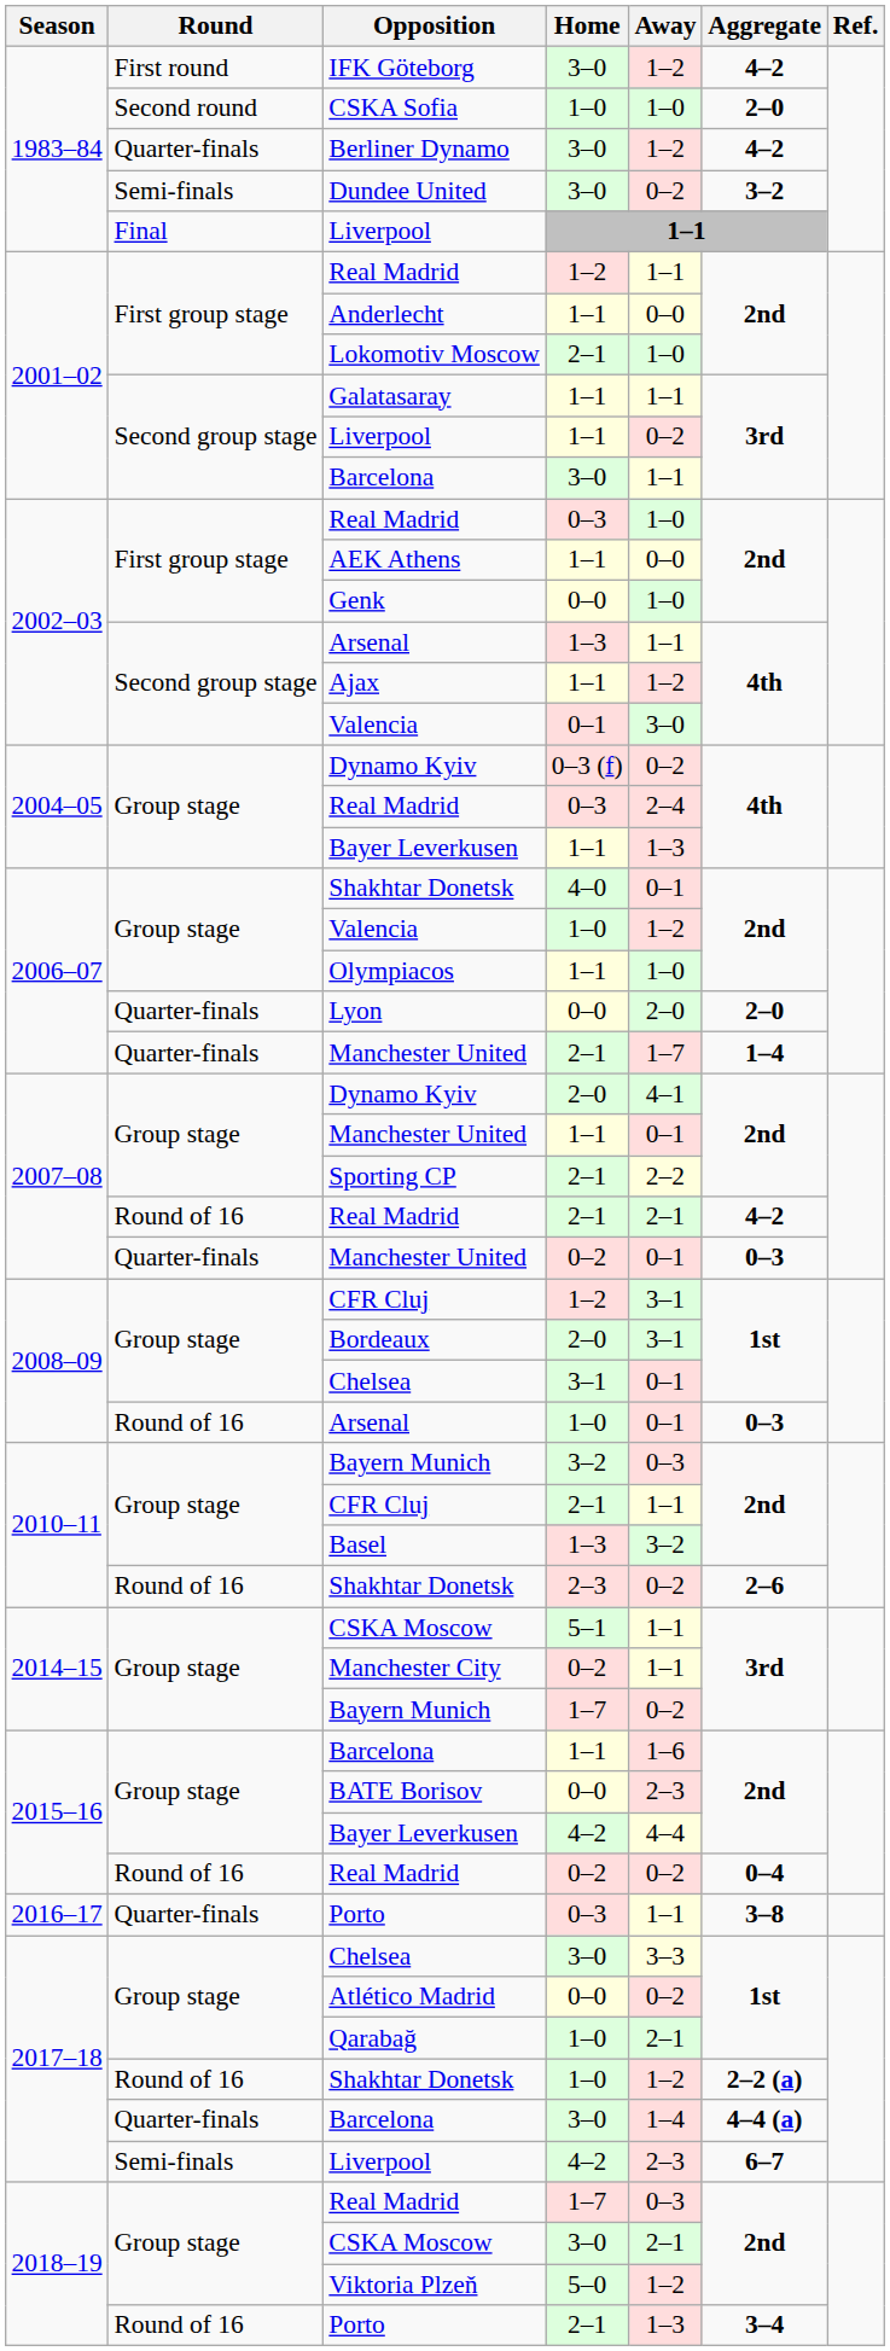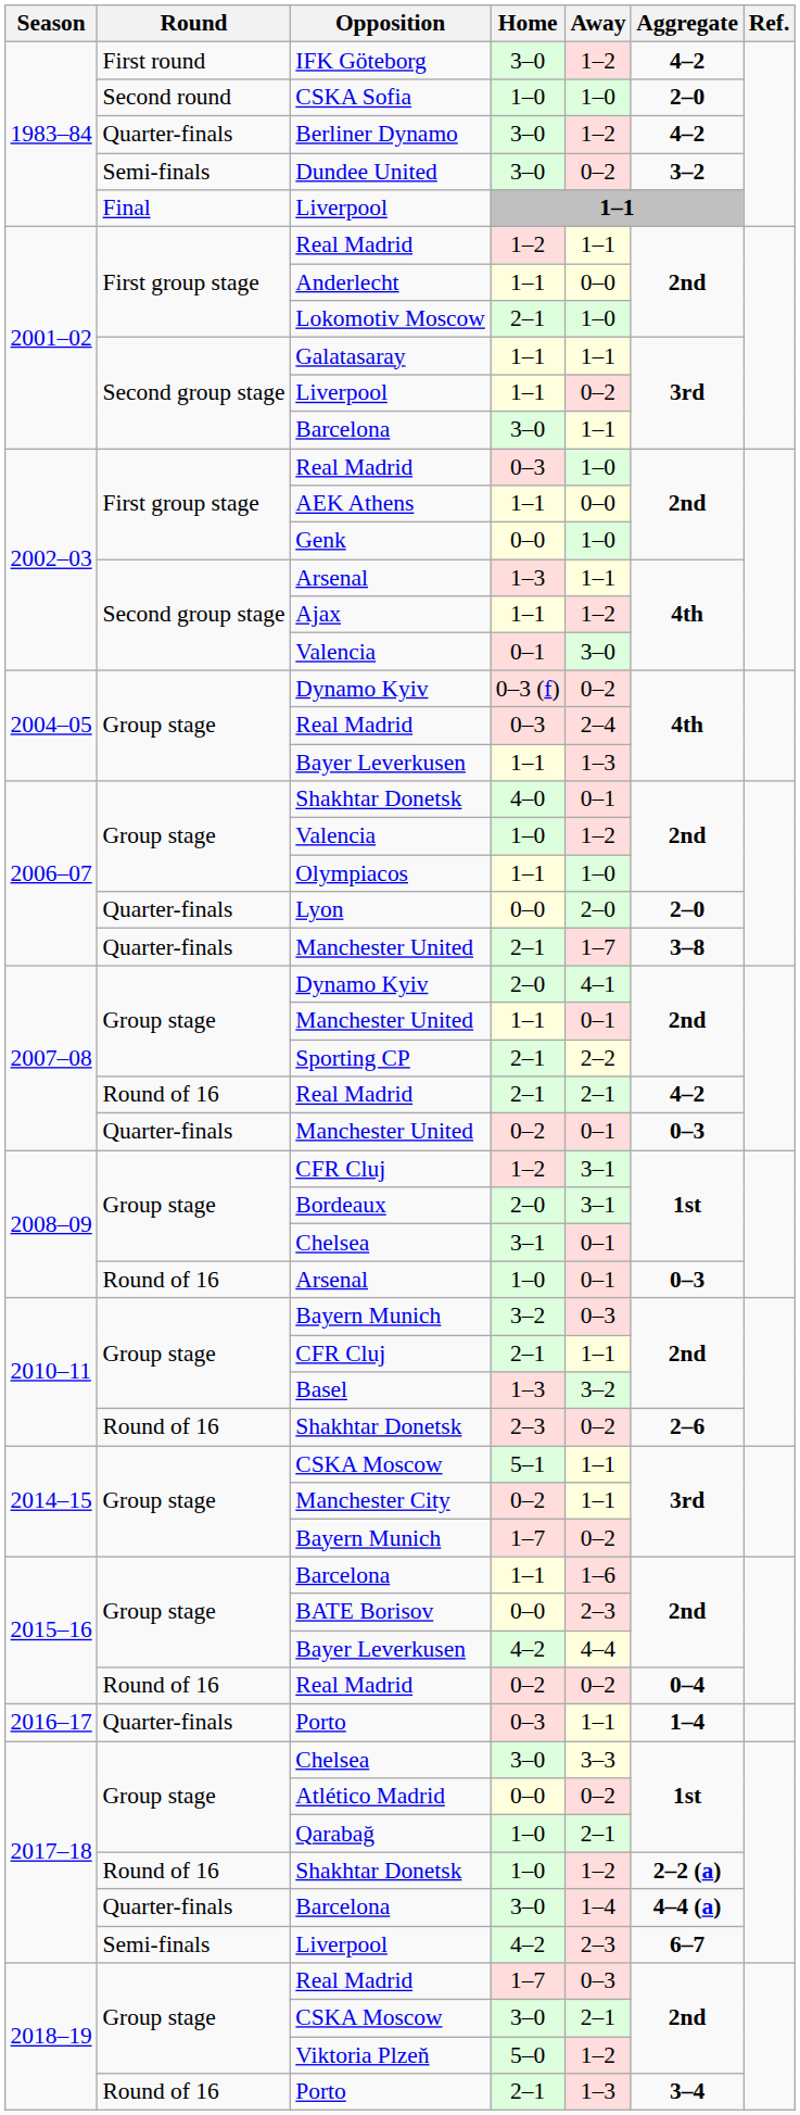 <table class="wikitable">
 <tr>
 <th>Season</th>
 <th>Round</th>
 <th>Opposition</th>
 <th>Home</th>
 <th>Away</th>
 <th>Aggregate</th>
 <th>Ref.</th>
 </tr>
 <tr>
 <td rowspan=5><a href='#'>1983–84</a></td>
 <td>First round</td>
 <td> <a href='#'>IFK Göteborg</a></td>
 <td style="text-align:center; background:#dfd;">3–0</td>
 <td style="text-align:center; background:#fdd;">1–2</td>
 <td style="text-align:center;"><strong>4–2</strong></td>
 <td rowspan=5 style="text-align:center;"></td>
 </tr>
 <tr>
 <td>Second round</td>
 <td> <a href='#'>CSKA Sofia</a></td>
 <td style="text-align:center; background:#dfd;">1–0</td>
 <td style="text-align:center; background:#dfd;">1–0</td>
 <td style="text-align:center;"><strong>2–0</strong></td>
 </tr>
 <tr>
 <td>Quarter-finals</td>
 <td> <a href='#'>Berliner Dynamo</a></td>
 <td style="text-align:center; background:#dfd;">3–0</td>
 <td style="text-align:center; background:#fdd;">1–2</td>
 <td style="text-align:center;"><strong>4–2</strong></td>
 </tr>
 <tr>
 <td>Semi-finals</td>
 <td> <a href='#'>Dundee United</a></td>
 <td style="text-align:center; background:#dfd;">3–0</td>
 <td style="text-align:center; background:#fdd;">0–2</td>
 <td style="text-align:center;"><strong>3–2</strong></td>
 </tr>
 <tr>
 <td><a href='#'>Final</a></td>
 <td> <a href='#'>Liverpool</a></td>
 <td colspan=3 bgcolor=Silver style="text-align:center;"><strong>1–1  </strong></td>
 </tr>
 <tr>
 <td rowspan=6><a href='#'>2001–02</a></td>
 <td rowspan=3>First group stage</td>
 <td> <a href='#'>Real Madrid</a></td>
 <td style="text-align:center; background:#fdd;">1–2</td>
 <td style="text-align:center; background:#ffd;">1–1</td>
 <td style="text-align:center;" rowspan=3><strong>2nd</strong></td>
 <td rowspan=6 style="text-align:center;"></td>
 </tr>
 <tr>
 <td> <a href='#'>Anderlecht</a></td>
 <td style="text-align:center; background:#ffd;">1–1</td>
 <td style="text-align:center; background:#ffd;">0–0</td>
 </tr>
 <tr>
 <td> <a href='#'>Lokomotiv Moscow</a></td>
 <td style="text-align:center; background:#dfd;">2–1</td>
 <td style="text-align:center; background:#dfd;">1–0</td>
 </tr>
 <tr>
 <td rowspan=3>Second group stage</td>
 <td> <a href='#'>Galatasaray</a></td>
 <td style="text-align:center; background:#ffd;">1–1</td>
 <td style="text-align:center; background:#ffd;">1–1</td>
 <td style="text-align:center;" rowspan=3><strong>3rd</strong></td>
 </tr>
 <tr>
 <td> <a href='#'>Liverpool</a></td>
 <td style="text-align:center; background:#ffd;">1–1</td>
 <td style="text-align:center; background:#fdd;">0–2</td>
 </tr>
 <tr>
 <td> <a href='#'>Barcelona</a></td>
 <td style="text-align:center; background:#dfd;">3–0</td>
 <td style="text-align:center; background:#ffd;">1–1</td>
 </tr>
 <tr>
 <td rowspan=6><a href='#'>2002–03</a></td>
 <td rowspan=3>First group stage</td>
 <td> <a href='#'>Real Madrid</a></td>
 <td style="text-align:center; background:#fdd;">0–3</td>
 <td style="text-align:center; background:#dfd;">1–0</td>
 <td style="text-align:center;" rowspan=3><strong>2nd</strong></td>
 <td rowspan=6 style="text-align:center;"></td>
 </tr>
 <tr>
 <td> <a href='#'>AEK Athens</a></td>
 <td style="text-align:center; background:#ffd;">1–1</td>
 <td style="text-align:center; background:#ffd;">0–0</td>
 </tr>
 <tr>
 <td> <a href='#'>Genk</a></td>
 <td style="text-align:center; background:#ffd;">0–0</td>
 <td style="text-align:center; background:#dfd;">1–0</td>
 </tr>
 <tr>
 <td rowspan=3>Second group stage</td>
 <td> <a href='#'>Arsenal</a></td>
 <td style="text-align:center; background:#fdd;">1–3</td>
 <td style="text-align:center; background:#ffd;">1–1</td>
 <td style="text-align:center;" rowspan=3><strong>4th</strong></td>
 </tr>
 <tr>
 <td> <a href='#'>Ajax</a></td>
 <td style="text-align:center; background:#ffd;">1–1</td>
 <td style="text-align:center; background:#fdd;">1–2</td>
 </tr>
 <tr>
 <td> <a href='#'>Valencia</a></td>
 <td style="text-align:center; background:#fdd;">0–1</td>
 <td style="text-align:center; background:#dfd;">3–0</td>
 </tr>
 <tr>
 <td rowspan=3><a href='#'>2004–05</a></td>
 <td rowspan=3>Group stage</td>
 <td> <a href='#'>Dynamo Kyiv</a></td>
 <td style="text-align:center; background:#fdd;">0–3 (<a href='#'>f</a>)</td>
 <td style="text-align:center; background:#fdd;">0–2</td>
 <td style="text-align:center;" rowspan=3><strong>4th</strong></td>
 <td rowspan=3 style="text-align:center;"></td>
 </tr>
 <tr>
 <td> <a href='#'>Real Madrid</a></td>
 <td style="text-align:center; background:#fdd;">0–3</td>
 <td style="text-align:center; background:#fdd;">2–4</td>
 </tr>
 <tr>
 <td> <a href='#'>Bayer Leverkusen</a></td>
 <td style="text-align:center; background:#ffd;">1–1</td>
 <td style="text-align:center; background:#fdd;">1–3</td>
 </tr>
 <tr>
 <td rowspan=5><a href='#'>2006–07</a></td>
 <td rowspan=3>Group stage</td>
 <td> <a href='#'>Shakhtar Donetsk</a></td>
 <td style="text-align:center; background:#dfd;">4–0</td>
 <td style="text-align:center; background:#fdd;">0–1</td>
 <td style="text-align:center;" rowspan=3><strong>2nd</strong></td>
 <td rowspan=5 style="text-align:center;"></td>
 </tr>
 <tr>
 <td> <a href='#'>Valencia</a></td>
 <td style="text-align:center; background:#dfd;">1–0</td>
 <td style="text-align:center; background:#fdd;">1–2</td>
 </tr>
 <tr>
 <td> <a href='#'>Olympiacos</a></td>
 <td style="text-align:center; background:#ffd;">1–1</td>
 <td style="text-align:center; background:#dfd;">1–0</td>
 </tr>
 <tr>
 <td>Quarter-finals</td>
 <td> <a href='#'>Lyon</a></td>
 <td style="text-align:center; background:#ffd;">0–0</td>
 <td style="text-align:center; background:#dfd;">2–0</td>
 <td style="text-align:center;"><strong>2–0</strong></td>
 </tr>
 <tr>
 <td>Quarter-finals</td>
 <td> <a href='#'>Manchester United</a></td>
 <td style="text-align:center; background:#dfd;">2–1</td>
 <td style="text-align:center; background:#fdd;">1–7</td>
-<td style="text-align:center;"><strong>1–4</strong></td>
+<td style="text-align:center;"><strong>3–8</strong></td>
 </tr>
 <tr>
 <td rowspan=5><a href='#'>2007–08</a></td>
 <td rowspan=3>Group stage</td>
 <td> <a href='#'>Dynamo Kyiv</a></td>
 <td style="text-align:center; background:#dfd;">2–0</td>
 <td style="text-align:center; background:#dfd;">4–1</td>
 <td style="text-align:center;" rowspan=3><strong>2nd</strong></td>
 <td rowspan=5 style="text-align:center;"></td>
 </tr>
 <tr>
 <td> <a href='#'>Manchester United</a></td>
 <td style="text-align:center; background:#ffd;">1–1</td>
 <td style="text-align:center; background:#fdd;">0–1</td>
 </tr>
 <tr>
 <td> <a href='#'>Sporting CP</a></td>
 <td style="text-align:center; background:#dfd;">2–1</td>
 <td style="text-align:center; background:#ffd;">2–2</td>
 </tr>
 <tr>
 <td>Round of 16</td>
 <td> <a href='#'>Real Madrid</a></td>
 <td style="text-align:center; background:#dfd;">2–1</td>
 <td style="text-align:center; background:#dfd;">2–1</td>
 <td style="text-align:center;"><strong>4–2</strong></td>
 </tr>
 <tr>
 <td>Quarter-finals</td>
 <td> <a href='#'>Manchester United</a></td>
 <td style="text-align:center; background:#fdd;">0–2</td>
 <td style="text-align:center; background:#fdd;">0–1</td>
 <td style="text-align:center;"><strong>0–3</strong></td>
 </tr>
 <tr>
 <td rowspan=4><a href='#'>2008–09</a></td>
 <td rowspan=3>Group stage</td>
 <td> <a href='#'>CFR Cluj</a></td>
 <td style="text-align:center; background:#fdd;">1–2</td>
 <td style="text-align:center; background:#dfd;">3–1</td>
 <td style="text-align:center;" rowspan=3><strong>1st</strong></td>
 <td rowspan=4 style="text-align:center;"></td>
 </tr>
 <tr>
 <td> <a href='#'>Bordeaux</a></td>
 <td style="text-align:center; background:#dfd;">2–0</td>
 <td style="text-align:center; background:#dfd;">3–1</td>
 </tr>
 <tr>
 <td> <a href='#'>Chelsea</a></td>
 <td style="text-align:center; background:#dfd;">3–1</td>
 <td style="text-align:center; background:#fdd;">0–1</td>
 </tr>
 <tr>
 <td>Round of 16</td>
 <td> <a href='#'>Arsenal</a></td>
 <td style="text-align:center; background:#dfd;">1–0 </td>
 <td style="text-align:center; background:#fdd;">0–1</td>
 <td style="text-align:center;"><strong>0–3</strong></td>
 </tr>
 <tr>
 <td rowspan=4><a href='#'>2010–11</a></td>
 <td rowspan=3>Group stage</td>
 <td> <a href='#'>Bayern Munich</a></td>
 <td style="text-align:center; background:#dfd;">3–2</td>
 <td style="text-align:center; background:#fdd;">0–3</td>
 <td style="text-align:center;" rowspan=3><strong>2nd</strong></td>
 <td rowspan=4 style="text-align:center;"></td>
 </tr>
 <tr>
 <td> <a href='#'>CFR Cluj</a></td>
 <td style="text-align:center; background:#dfd;">2–1</td>
 <td style="text-align:center; background:#ffd;">1–1</td>
 </tr>
 <tr>
 <td> <a href='#'>Basel</a></td>
 <td style="text-align:center; background:#fdd;">1–3</td>
 <td style="text-align:center; background:#dfd;">3–2</td>
 </tr>
 <tr>
 <td>Round of 16</td>
 <td> <a href='#'>Shakhtar Donetsk</a></td>
 <td style="text-align:center; background:#fdd;">2–3</td>
 <td style="text-align:center; background:#fdd;">0–2</td>
 <td style="text-align:center;"><strong>2–6</strong></td>
 </tr>
 <tr>
 <td rowspan=3><a href='#'>2014–15</a></td>
 <td rowspan=3>Group stage</td>
 <td> <a href='#'>CSKA Moscow</a></td>
 <td style="text-align:center; background:#dfd;">5–1</td>
 <td style="text-align:center; background:#ffd;">1–1</td>
 <td style="text-align:center;" rowspan=3><strong>3rd</strong></td>
 <td rowspan=3 style="text-align:center;"></td>
 </tr>
 <tr>
 <td> <a href='#'>Manchester City</a></td>
 <td style="text-align:center; background:#fdd;">0–2</td>
 <td style="text-align:center; background:#ffd;">1–1</td>
 </tr>
 <tr>
 <td> <a href='#'>Bayern Munich</a></td>
 <td style="text-align:center; background:#fdd;">1–7</td>
 <td style="text-align:center; background:#fdd;">0–2</td>
 </tr>
 <tr>
 <td rowspan=4><a href='#'>2015–16</a></td>
 <td rowspan=3>Group stage</td>
 <td> <a href='#'>Barcelona</a></td>
 <td style="text-align:center; background:#ffd;">1–1</td>
 <td style="text-align:center; background:#fdd;">1–6</td>
 <td style="text-align:center;" rowspan=3><strong>2nd</strong></td>
 <td rowspan=4 style="text-align:center;"></td>
 </tr>
 <tr>
 <td> <a href='#'>BATE Borisov</a></td>
 <td style="text-align:center; background:#ffd;">0–0</td>
 <td style="text-align:center; background:#fdd;">2–3</td>
 </tr>
 <tr>
 <td> <a href='#'>Bayer Leverkusen</a></td>
 <td style="text-align:center; background:#dfd;">4–2</td>
 <td style="text-align:center; background:#ffd;">4–4</td>
 </tr>
 <tr>
 <td>Round of 16</td>
 <td> <a href='#'>Real Madrid</a></td>
 <td style="text-align:center; background:#fdd;">0–2</td>
 <td style="text-align:center; background:#fdd;">0–2</td>
 <td style="text-align:center;"><strong>0–4</strong></td>
 </tr>
 <tr>
 <td><a href='#'>2016–17</a></td>
 <td>Quarter-finals</td>
 <td> <a href='#'>Porto</a></td>
 <td style="text-align:center; background:#fdd;">0–3</td>
 <td style="text-align:center; background:#ffd;">1–1</td>
-<td style="text-align:center;"><strong>3–8</strong></td>
+<td style="text-align:center;"><strong>1–4</strong></td>
 <td style="text-align:center;"></td>
 </tr>
 <tr>
 <td rowspan=6><a href='#'>2017–18</a></td>
 <td rowspan=3>Group stage</td>
 <td> <a href='#'>Chelsea</a></td>
 <td style="text-align:center; background:#dfd;">3–0</td>
 <td style="text-align:center; background:#ffd;">3–3</td>
 <td style="text-align:center;" rowspan=3><strong>1st</strong></td>
 <td style="text-align:center;" rowspan=6></td>
 </tr>
 <tr>
 <td> <a href='#'>Atlético Madrid</a></td>
 <td style="text-align:center; background:#ffd;">0–0</td>
 <td style="text-align:center; background:#fdd;">0–2</td>
 </tr>
 <tr>
 <td> <a href='#'>Qarabağ</a></td>
 <td style="text-align:center; background:#dfd;">1–0</td>
 <td style="text-align:center; background:#dfd;">2–1</td>
 </tr>
 <tr>
 <td>Round of 16</td>
 <td> <a href='#'>Shakhtar Donetsk</a></td>
 <td style="text-align:center; background:#dfd;">1–0</td>
 <td style="text-align:center; background:#fdd;">1–2</td>
 <td style="text-align:center;"><strong>2–2 (<a href='#'>a</a>)</strong></td>
 </tr>
 <tr>
 <td>Quarter-finals</td>
 <td> <a href='#'>Barcelona</a></td>
 <td style="text-align:center; background:#dfd;">3–0</td>
 <td style="text-align:center; background:#fdd;">1–4</td>
 <td style="text-align:center;"><strong>4–4 (<a href='#'>a</a>)</strong></td>
 </tr>
 <tr>
 <td>Semi-finals</td>
 <td> <a href='#'>Liverpool</a></td>
 <td style="text-align:center; background:#dfd;">4–2</td>
 <td style="text-align:center; background:#fdd;">2–3</td>
 <td style="text-align:center;"><strong>6–7</strong></td>
 </tr>
 <tr>
 <td rowspan=4><a href='#'>2018–19</a></td>
 <td rowspan=3>Group stage</td>
 <td> <a href='#'>Real Madrid</a></td>
 <td style="text-align:center; background:#fdd;">1–7</td>
 <td style="text-align:center; background:#fdd;">0–3</td>
 <td style="text-align:center;" rowspan=3><strong>2nd</strong></td>
 <td style="text-align:center;" rowspan=4></td>
 </tr>
 <tr>
 <td> <a href='#'>CSKA Moscow</a></td>
 <td style="text-align:center; background:#dfd;">3–0</td>
 <td style="text-align:center; background:#dfd;">2–1</td>
 </tr>
 <tr>
 <td> <a href='#'>Viktoria Plzeň</a></td>
 <td style="text-align:center; background:#dfd;">5–0</td>
 <td style="text-align:center; background:#fdd;">1–2</td>
 </tr>
 <tr>
 <td>Round of 16</td>
 <td> <a href='#'>Porto</a></td>
 <td style="text-align:center; background:#dfd;">2–1</td>
 <td style="text-align:center; background:#fdd;">1–3 </td>
 <td style="text-align:center;"><strong>3–4</strong></td>
 </tr>
 </table>
